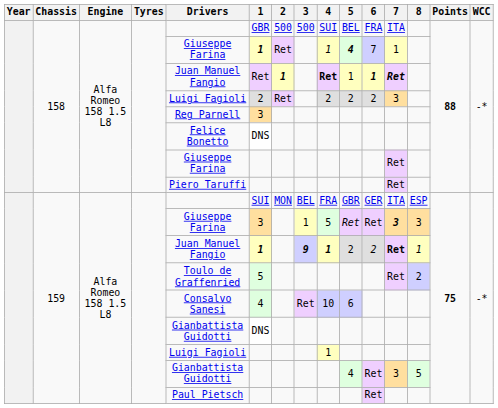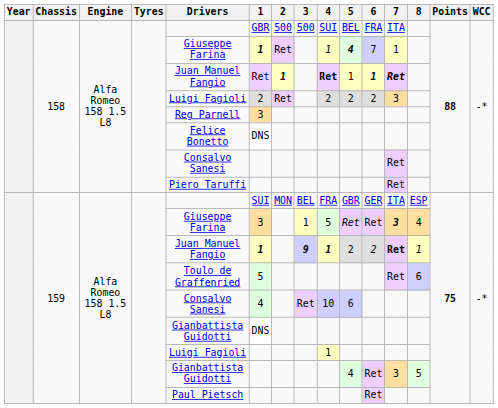 <table class="wikitable" style="text-align:center; font-size:95%">
 <tr>
 <th>Year</th>
 <th>Chassis</th>
 <th>Engine</th>
 <th>Tyres</th>
 <th>Drivers</th>
 <th>1</th>
 <th>2</th>
 <th>3</th>
 <th>4</th>
 <th>5</th>
 <th>6</th>
 <th>7</th>
 <th>8</th>
 <th>Points</th>
 <th>WCC</th>
 </tr>
 <tr>
 <th rowspan="8"></th>
 <td rowspan="8">158</td>
 <td rowspan="8">Alfa Romeo 158 1.5 L8</td>
 <td rowspan="8"></td>
 <td></td>
 <td><a href='#'>GBR</a></td>
 <td><a href='#'>500</a></td>
 <td><a href='#'>500</a></td>
 <td><a href='#'>SUI</a></td>
 <td><a href='#'>BEL</a></td>
 <td><a href='#'>FRA</a></td>
 <td><a href='#'>ITA</a></td>
 <td></td>
 <td rowspan="8"><strong>88</strong></td>
 <td rowspan="8">-*</td>
 </tr>
 <tr>
 <td><a href='#'>Giuseppe Farina</a></td>
 <td style="background:#FFFFBF;"><strong><em>1</em></strong></td>
 <td style="background:#EFCFFF;">Ret</td>
 <td></td>
 <td style="background:#FFFFBF;"><em>1</em></td>
 <td style="background:#DFFFDF;"><strong><em>4</em></strong></td>
 <td style="background:#CFCFFF;">7</td>
 <td style="background:#FFFFBF;">1</td>
 <td></td>
 </tr>
 <tr>
 <td><a href='#'>Juan Manuel Fangio</a></td>
 <td style="background:#EFCFFF;">Ret</td>
 <td style="background:#FFFFBF;"><strong><em>1</em></strong></td>
 <td></td>
 <td style="background:#EFCFFF;"><strong>Ret</strong></td>
 <td style="background:#FFFFBF;">1</td>
 <td style="background:#FFFFBF;"><strong><em>1</em></strong></td>
 <td style="background:#EFCFFF;"><strong><em>Ret</em></strong></td>
 <td></td>
 </tr>
 <tr>
 <td><a href='#'>Luigi Fagioli</a></td>
 <td style="background:#DFDFDF;">2</td>
 <td style="background:#EFCFFF;">Ret</td>
 <td></td>
 <td style="background:#DFDFDF;">2</td>
 <td style="background:#DFDFDF;">2</td>
 <td style="background:#DFDFDF;">2</td>
 <td style="background:#FFDF9F;">3</td>
 <td></td>
 </tr>
 <tr>
 <td><a href='#'>Reg Parnell</a></td>
 <td style="background:#FFDF9F;">3</td>
 <td></td>
 <td></td>
 <td></td>
 <td></td>
 <td></td>
 <td></td>
 <td></td>
 </tr>
 <tr>
 <td><a href='#'>Felice Bonetto</a></td>
 <td style="background:#FFFFFF;">DNS</td>
 <td></td>
 <td></td>
 <td></td>
 <td></td>
 <td></td>
 <td></td>
 <td></td>
 </tr>
 <tr>
-<td><a href='#'>Giuseppe Farina</a></td>
+<td><a href='#'>Consalvo Sanesi</a></td>
 <td></td>
 <td></td>
 <td></td>
 <td></td>
 <td></td>
 <td></td>
 <td style="background:#EFCFFF;">Ret</td>
 <td></td>
 </tr>
 <tr>
 <td><a href='#'>Piero Taruffi</a></td>
 <td></td>
 <td></td>
 <td></td>
 <td></td>
 <td></td>
 <td></td>
 <td style="background:#EFCFFF;">Ret</td>
 <td></td>
 </tr>
 <tr>
 <th rowspan="9"></th>
 <td rowspan="9">159</td>
 <td rowspan="9">Alfa Romeo 158 1.5 L8</td>
 <td rowspan="9"></td>
 <td></td>
 <td><a href='#'>SUI</a></td>
 <td><a href='#'>MON</a></td>
 <td><a href='#'>BEL</a></td>
 <td><a href='#'>FRA</a></td>
 <td><a href='#'>GBR</a></td>
 <td><a href='#'>GER</a></td>
 <td><a href='#'>ITA</a></td>
 <td><a href='#'>ESP</a></td>
 <td rowspan="9"><strong>75</strong></td>
 <td rowspan="9">-*</td>
 </tr>
 <tr>
 <td><a href='#'>Giuseppe Farina</a></td>
 <td style="background:#FFDF9F;">3</td>
 <td></td>
 <td style="background:#FFFFBF;">1</td>
 <td style="background:#DFFFDF;">5</td>
 <td style="background:#EFCFFF;"><em>Ret</em></td>
 <td style="background:#EFCFFF;">Ret</td>
 <td style="background:#FFDF9F;"><strong><em>3</em></strong></td>
-<td style="background:#FFDF9F;">3</td>
+<td style="background:#FFDF9F;">4</td>
 </tr>
 <tr>
 <td><a href='#'>Juan Manuel Fangio</a></td>
 <td style="background:#FFFFBF;"><strong><em>1</em></strong></td>
 <td></td>
 <td style="background:#CFCFFF;"><strong><em>9</em></strong></td>
 <td style="background:#FFFFBF;"><strong><em>1</em></strong></td>
 <td style="background:#DFDFDF;">2</td>
 <td style="background:#DFDFDF;"><em>2</em></td>
 <td style="background:#EFCFFF;"><strong>Ret</strong></td>
 <td style="background:#FFFFBF;"><em>1</em></td>
 </tr>
 <tr>
 <td><a href='#'>Toulo de Graffenried</a></td>
 <td style="background:#DFFFDF;">5</td>
 <td></td>
 <td></td>
 <td></td>
 <td></td>
 <td></td>
 <td style="background:#EFCFFF;">Ret</td>
-<td style="background:#CFCFFF;">2</td>
+<td style="background:#CFCFFF;">6</td>
 </tr>
 <tr>
 <td><a href='#'>Consalvo Sanesi</a></td>
 <td style="background:#DFFFDF;">4</td>
 <td></td>
 <td style="background:#EFCFFF;">Ret</td>
 <td style="background:#CFCFFF;">10</td>
 <td style="background:#CFCFFF;">6</td>
 <td></td>
 <td></td>
 <td></td>
 </tr>
 <tr>
 <td><a href='#'>Gianbattista Guidotti</a></td>
 <td style="background:#FFFFFF;">DNS</td>
 <td></td>
 <td></td>
 <td></td>
 <td></td>
 <td></td>
 <td></td>
 <td></td>
 </tr>
 <tr>
 <td><a href='#'>Luigi Fagioli</a></td>
 <td></td>
 <td></td>
 <td></td>
 <td style="background:#FFFFBF;">1</td>
 <td></td>
 <td></td>
 <td></td>
 <td></td>
 </tr>
 <tr>
 <td><a href='#'>Gianbattista Guidotti</a></td>
 <td></td>
 <td></td>
 <td></td>
 <td></td>
 <td style="background:#DFFFDF;">4</td>
 <td style="background:#EFCFFF;">Ret</td>
 <td style="background:#FFDF9F;">3</td>
 <td style="background:#DFFFDF;">5</td>
 </tr>
 <tr>
 <td><a href='#'>Paul Pietsch</a></td>
 <td></td>
 <td></td>
 <td></td>
 <td></td>
 <td></td>
 <td style="background:#EFCFFF;">Ret</td>
 <td></td>
 <td></td>
 </tr>
 </table>
